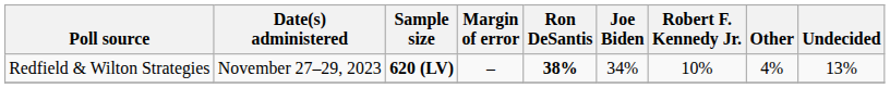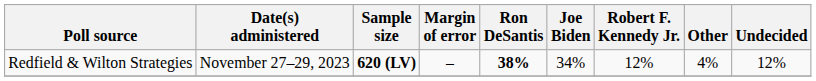 <table class="wikitable sortable mw-datatable" style="font-size:90%;text-align:center;line-height:17px">
 <tr valign=bottom>
 <th>Poll source</th>
 <th>Date(s)<br>administered</th>
 <th>Sample<br>size</th>
 <th>Margin<br>of error</th>
 <th class="unsortable">Ron<br>DeSantis<br></th>
 <th class="unsortable">Joe<br>Biden<br></th>
 <th class="unsortable">Robert F.<br>Kennedy Jr.<br></th>
 <th class="unsortable">Other</th>
 <th class="unsortable">Undecided</th>
 </tr>
 <tr>
 <td style="text-align:left;">Redfield & Wilton Strategies</td>
 <td data-sort-value="2023-12-05">November 27–29, 2023</td>
 <td><strong>620 (LV)</strong></td>
 <td>–</td>
 <td style="background-color:"><strong>38%</strong></td>
 <td>34%</td>
-<td>10%</td>
+<td>12%</td>
 <td>4%</td>
-<td>13%</td>
+<td>12%</td>
 </tr>
 <tr>
 </tr>
 </table>
